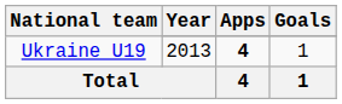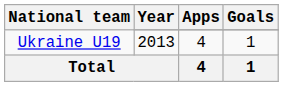 <table class=wikitable style=text-align:center>
 <tr>
 <th>National team</th>
 <th>Year</th>
 <th>Apps</th>
 <th>Goals</th>
 </tr>
 <tr>
 <td rowspan=2><a href='#'>Ukraine U19</a></td>
 </tr>
 <tr>
 <td>2013</td>
-<td><strong>4</strong></td>
+<td>4</td>
 <td>1</td>
 </tr>
 <tr>
 <th colspan=2>Total</th>
 <th>4</th>
 <th>1</th>
 </tr>
 </table>
